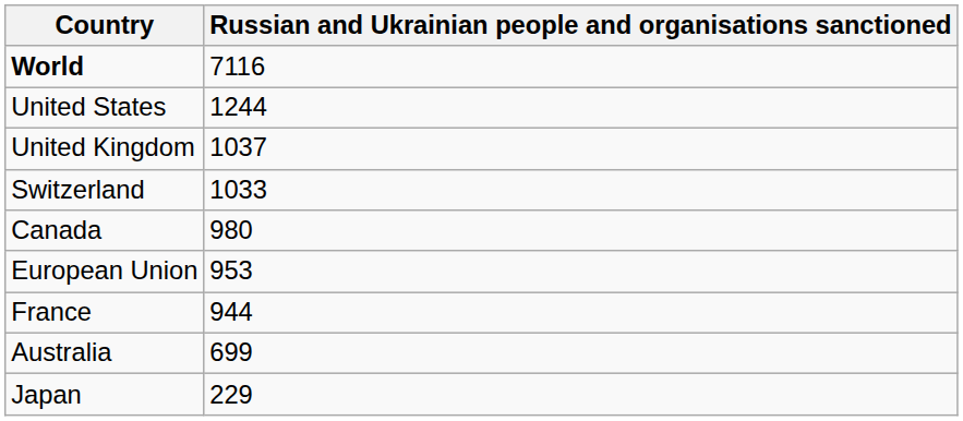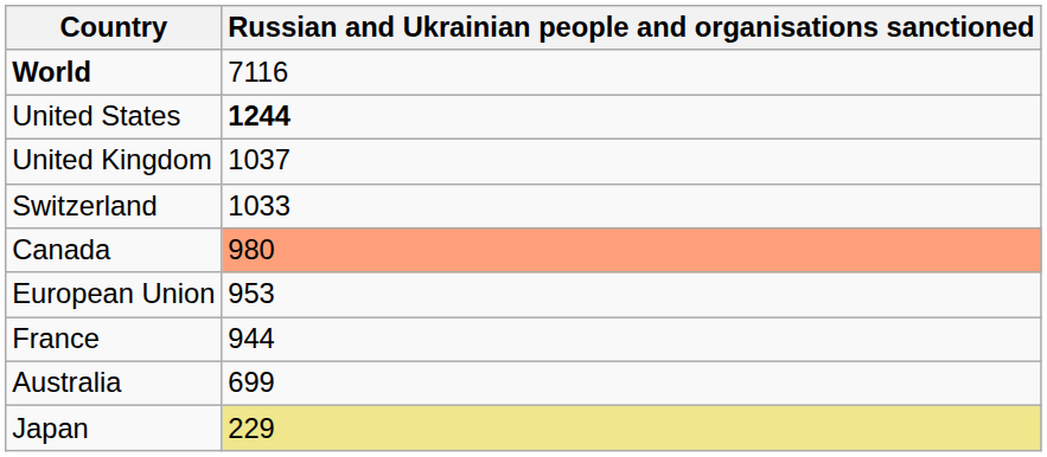 <table class="wikitable sortable">
 <tr>
 <th>Country</th>
 <th>Russian and Ukrainian people and organisations sanctioned</th>
 </tr>
 <tr>
 <td><strong>World</strong></td>
 <td>7116</td>
 </tr>
 <tr>
 <td>United States</td>
-<td>1244</td>
+<td><strong>1244</strong></td>
 </tr>
 <tr>
 <td>United Kingdom</td>
 <td>1037</td>
 </tr>
 <tr>
 <td>Switzerland</td>
 <td>1033</td>
 </tr>
 <tr>
 <td>Canada</td>
-<td>980</td>
+<td style="background: lightsalmon;">980</td>
 </tr>
 <tr>
 <td>European Union</td>
 <td>953</td>
 </tr>
 <tr>
 <td>France</td>
 <td>944</td>
 </tr>
 <tr>
 <td>Australia</td>
 <td>699</td>
 </tr>
 <tr>
 <td>Japan</td>
-<td>229</td>
+<td style="background: khaki;">229</td>
 </tr>
 </table>
